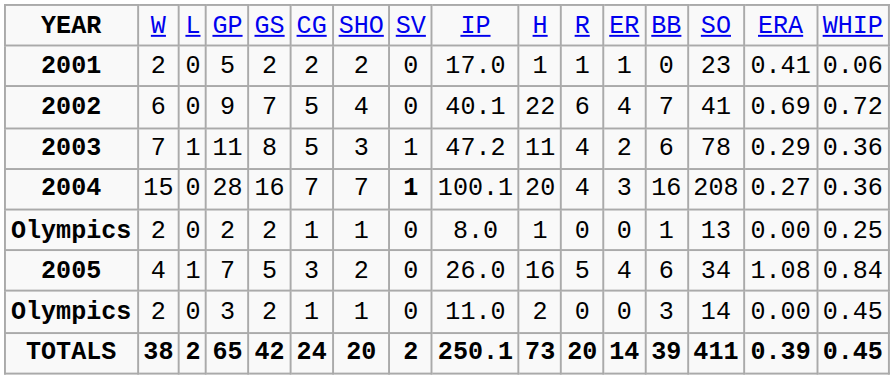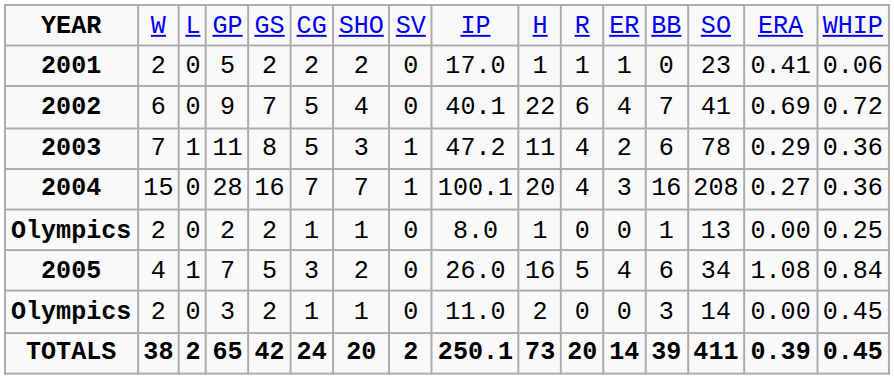 <table class="wikitable" style="text-align:center;">
 <tr>
 <td><strong>YEAR</strong></td>
 <td><a href='#'>W</a></td>
 <td><a href='#'>L</a></td>
 <td><a href='#'>GP</a></td>
 <td><a href='#'>GS</a></td>
 <td><a href='#'>CG</a></td>
 <td><a href='#'>SHO</a></td>
 <td><a href='#'>SV</a></td>
 <td><a href='#'>IP</a></td>
 <td><a href='#'>H</a></td>
 <td><a href='#'>R</a></td>
 <td><a href='#'>ER</a></td>
 <td><a href='#'>BB</a></td>
 <td><a href='#'>SO</a></td>
 <td><a href='#'>ERA</a></td>
 <td><a href='#'>WHIP</a></td>
 </tr>
 <tr>
 <td><strong>2001</strong></td>
 <td>2</td>
 <td>0</td>
 <td>5</td>
 <td>2</td>
 <td>2</td>
 <td>2</td>
 <td>0</td>
 <td>17.0</td>
 <td>1</td>
 <td>1</td>
 <td>1</td>
 <td>0</td>
 <td>23</td>
 <td>0.41</td>
 <td>0.06</td>
 </tr>
 <tr>
 <td><strong>2002</strong></td>
 <td>6</td>
 <td>0</td>
 <td>9</td>
 <td>7</td>
 <td>5</td>
 <td>4</td>
 <td>0</td>
 <td>40.1</td>
 <td>22</td>
 <td>6</td>
 <td>4</td>
 <td>7</td>
 <td>41</td>
 <td>0.69</td>
 <td>0.72</td>
 </tr>
 <tr>
 <td><strong>2003</strong></td>
 <td>7</td>
 <td>1</td>
 <td>11</td>
 <td>8</td>
 <td>5</td>
 <td>3</td>
 <td>1</td>
 <td>47.2</td>
 <td>11</td>
 <td>4</td>
 <td>2</td>
 <td>6</td>
 <td>78</td>
 <td>0.29</td>
 <td>0.36</td>
 </tr>
 <tr>
 <td><strong>2004</strong></td>
 <td>15</td>
 <td>0</td>
 <td>28</td>
 <td>16</td>
 <td>7</td>
 <td>7</td>
-<td><strong>1</strong></td>
+<td>1</td>
 <td>100.1</td>
 <td>20</td>
 <td>4</td>
 <td>3</td>
 <td>16</td>
 <td>208</td>
 <td>0.27</td>
 <td>0.36</td>
 </tr>
 <tr>
 <td><strong>Olympics</strong></td>
 <td>2</td>
 <td>0</td>
 <td>2</td>
 <td>2</td>
 <td>1</td>
 <td>1</td>
 <td>0</td>
 <td>8.0</td>
 <td>1</td>
 <td>0</td>
 <td>0</td>
 <td>1</td>
 <td>13</td>
 <td>0.00</td>
 <td>0.25</td>
 </tr>
 <tr>
 <td><strong>2005</strong></td>
 <td>4</td>
 <td>1</td>
 <td>7</td>
 <td>5</td>
 <td>3</td>
 <td>2</td>
 <td>0</td>
 <td>26.0</td>
 <td>16</td>
 <td>5</td>
 <td>4</td>
 <td>6</td>
 <td>34</td>
 <td>1.08</td>
 <td>0.84</td>
 </tr>
 <tr>
 <td><strong>Olympics</strong></td>
 <td>2</td>
 <td>0</td>
 <td>3</td>
 <td>2</td>
 <td>1</td>
 <td>1</td>
 <td>0</td>
 <td>11.0</td>
 <td>2</td>
 <td>0</td>
 <td>0</td>
 <td>3</td>
 <td>14</td>
 <td>0.00</td>
 <td>0.45</td>
 </tr>
 <tr>
 <td><strong>TOTALS</strong></td>
 <td><strong>38</strong></td>
 <td><strong>2</strong></td>
 <td><strong>65</strong></td>
 <td><strong>42</strong></td>
 <td><strong>24</strong></td>
 <td><strong>20</strong></td>
 <td><strong>2</strong></td>
 <td><strong>250.1</strong></td>
 <td><strong>73</strong></td>
 <td><strong>20</strong></td>
 <td><strong>14</strong></td>
 <td><strong>39</strong></td>
 <td><strong>411</strong></td>
 <td><strong>0.39</strong></td>
 <td><strong>0.45</strong></td>
 </tr>
 </table>
